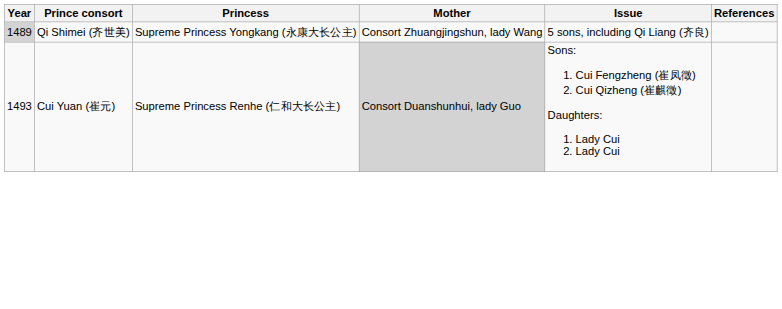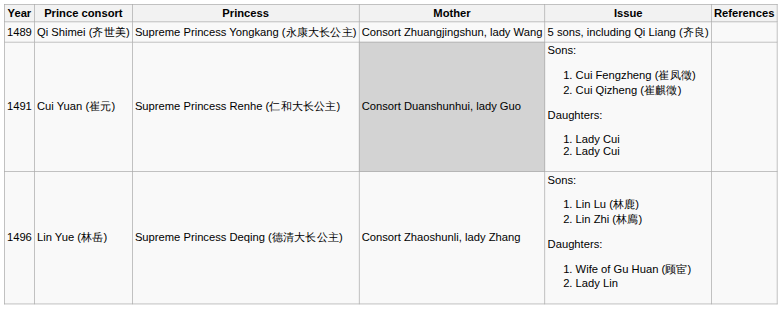 <table class="wikitable">
 <tr>
 <th>Year</th>
 <th>Prince consort</th>
 <th>Princess</th>
 <th>Mother</th>
 <th>Issue</th>
 <th>References</th>
 </tr>
 <tr>
-<td style="background: lightgrey;">1489</td>
+<td>1489</td>
 <td>Qi Shimei (齐世美)</td>
 <td>Supreme Princess Yongkang (永康大长公主)</td>
 <td>Consort Zhuangjingshun, lady Wang</td>
 <td>5 sons, including Qi Liang (齐良)</td>
 <td></td>
 </tr>
 <tr>
-<td>1493</td>
+<td>1491</td>
 <td>Cui Yuan (崔元)</td>
 <td>Supreme Princess Renhe (仁和大长公主)</td>
 <td style="background: lightgrey;">Consort Duanshunhui, lady Guo</td>
 <td>Sons:<br><ol><li>Cui Fengzheng (崔凤徵)</li><li>Cui Qizheng (崔麒徵)</li></ol>Daughters:<ol><li>Lady Cui</li><li>Lady Cui</li></ol></td>
 <td></td>
 </tr>
+<tr>
+<td>1496</td>
+<td>Lin Yue (林岳)</td>
+<td>Supreme Princess Deqing (德清大长公主)</td>
+<td>Consort Zhaoshunli, lady Zhang</td>
+<td>Sons:<br><ol><li>Lin Lu (林鹿)</li><li>Lin Zhi (林廌)</li></ol>Daughters:<ol><li>Wife of Gu Huan (顾宦)</li><li>Lady Lin</li></ol></td>
+<td></td>
+</tr>
 </table>
